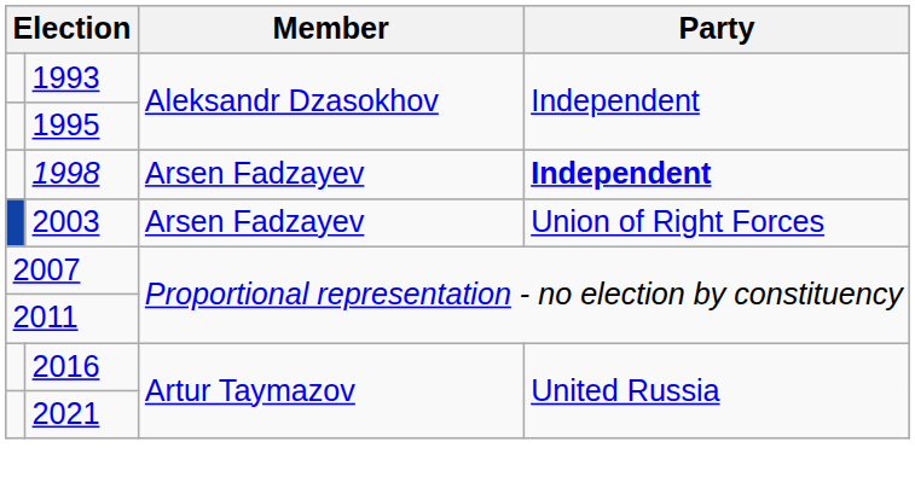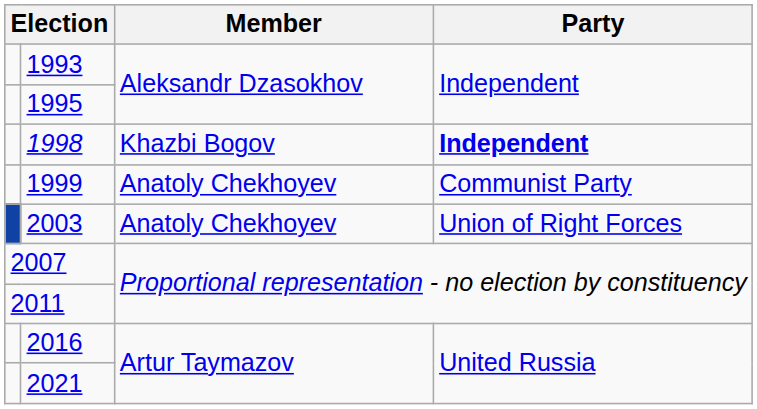 <table class="wikitable">
 <tr>
 <th colspan="2">Election</th>
 <th>Member</th>
 <th>Party</th>
 </tr>
 <tr>
 <td style="background-color:"></td>
 <td><a href='#'>1993</a></td>
 <td rowspan=2><a href='#'>Aleksandr Dzasokhov</a></td>
 <td rowspan=2><a href='#'>Independent</a></td>
 </tr>
 <tr>
 <td style="background-color:"></td>
 <td><a href='#'>1995</a></td>
 </tr>
 <tr>
 <td style="background-color:"></td>
 <td><em><a href='#'>1998</a></em></td>
-<td><a href='#'>Arsen Fadzayev</a></td>
+<td><a href='#'>Khazbi Bogov</a></td>
 <td><strong><a href='#'>Independent</a></strong></td>
+</tr>
+<tr>
+<td style="background-color:"></td>
+<td><a href='#'>1999</a></td>
+<td><a href='#'>Anatoly Chekhoyev</a></td>
+<td><a href='#'>Communist Party</a></td>
 </tr>
 <tr>
 <td style="background-color:#1042A5"></td>
 <td><a href='#'>2003</a></td>
-<td><a href='#'>Arsen Fadzayev</a></td>
+<td><a href='#'>Anatoly Chekhoyev</a></td>
 <td><a href='#'>Union of Right Forces</a></td>
 </tr>
 <tr>
 <td colspan=2><a href='#'>2007</a></td>
 <td colspan=2 rowspan=2><em><a href='#'>Proportional representation</a> - no election by constituency</em></td>
 </tr>
 <tr>
 <td colspan=2><a href='#'>2011</a></td>
 </tr>
 <tr>
 <td style="background-color: "></td>
 <td><a href='#'>2016</a></td>
 <td rowspan=2><a href='#'>Artur Taymazov</a></td>
 <td rowspan=2><a href='#'>United Russia</a></td>
 </tr>
 <tr>
 <td style="background-color: "></td>
 <td><a href='#'>2021</a></td>
 </tr>
 </table>
